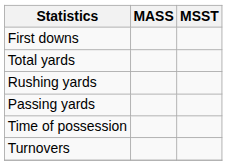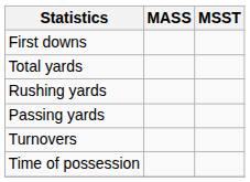 <table class="wikitable" style="float: left;">
 <tr>
 <th>Statistics</th>
 <th>MASS</th>
 <th>MSST</th>
 </tr>
 <tr>
 <td>First downs</td>
 <td></td>
 <td></td>
 </tr>
 <tr>
 <td>Total yards</td>
 <td></td>
 <td></td>
 </tr>
 <tr>
 <td>Rushing yards</td>
 <td></td>
 <td></td>
 </tr>
 <tr>
 <td>Passing yards</td>
 <td></td>
 <td></td>
 </tr>
 <tr>
-<td>Time of possession</td>
+<td>Turnovers</td>
 <td></td>
 <td></td>
 </tr>
 <tr>
-<td>Turnovers</td>
+<td>Time of possession</td>
 <td></td>
 <td></td>
 </tr>
 <tr>
 </tr>
 </table>
